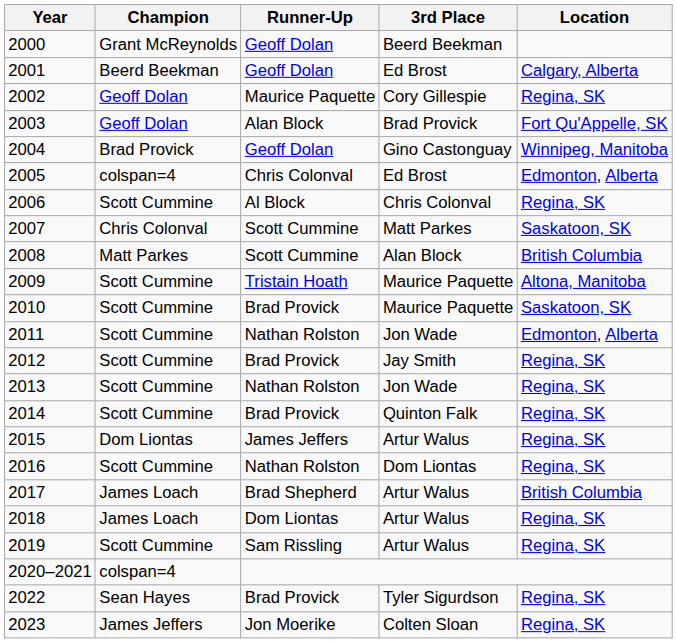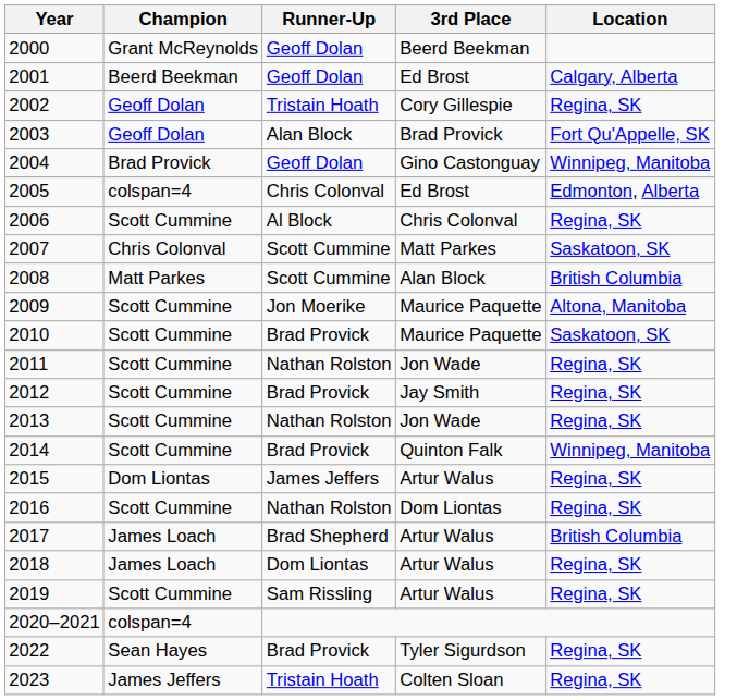 <table class="wikitable">
 <tr>
 <th>Year</th>
 <th>Champion</th>
 <th>Runner-Up</th>
 <th>3rd Place</th>
 <th>Location</th>
 </tr>
 <tr>
 <td>2000</td>
 <td> Grant McReynolds</td>
 <td> <a href='#'>Geoff Dolan</a></td>
 <td> Beerd Beekman</td>
 </tr>
 <tr>
 <td>2001</td>
 <td> Beerd Beekman</td>
 <td> <a href='#'>Geoff Dolan</a></td>
 <td> Ed Brost</td>
 <td><a href='#'>Calgary, Alberta</a></td>
 </tr>
 <tr>
 <td>2002</td>
 <td> <a href='#'>Geoff Dolan</a></td>
-<td> Maurice Paquette</td>
+<td> <a href='#'>Tristain Hoath</a></td>
 <td> Cory Gillespie</td>
 <td><a href='#'>Regina, SK</a></td>
 </tr>
 <tr>
 <td>2003</td>
 <td> <a href='#'>Geoff Dolan</a></td>
 <td> Alan Block</td>
 <td> Brad Provick</td>
 <td><a href='#'>Fort Qu'Appelle, SK</a></td>
 </tr>
 <tr>
 <td>2004</td>
 <td> Brad Provick</td>
 <td> <a href='#'>Geoff Dolan</a></td>
 <td> Gino Castonguay</td>
 <td><a href='#'>Winnipeg, Manitoba</a></td>
 </tr>
 <tr>
 <td>2005</td>
 <td>colspan=4 </td>
 <td> Chris Colonval</td>
 <td> Ed Brost</td>
 <td><a href='#'>Edmonton</a>, <a href='#'>Alberta</a></td>
 </tr>
 <tr>
 <td>2006</td>
 <td> Scott Cummine</td>
 <td> Al Block</td>
 <td> Chris Colonval</td>
 <td><a href='#'>Regina, SK</a></td>
 </tr>
 <tr>
 <td>2007</td>
 <td> Chris Colonval</td>
 <td> Scott Cummine</td>
 <td> Matt Parkes</td>
 <td><a href='#'>Saskatoon, SK</a></td>
 </tr>
 <tr>
 <td>2008</td>
 <td> Matt Parkes</td>
 <td> Scott Cummine</td>
 <td> Alan Block</td>
 <td><a href='#'>British Columbia</a></td>
 </tr>
 <tr>
 <td>2009</td>
 <td> Scott Cummine</td>
-<td> <a href='#'>Tristain Hoath</a></td>
+<td> Jon Moerike</td>
 <td> Maurice Paquette</td>
 <td><a href='#'>Altona, Manitoba</a></td>
 </tr>
 <tr>
 <td>2010</td>
 <td> Scott Cummine</td>
 <td> Brad Provick</td>
 <td> Maurice Paquette</td>
 <td><a href='#'>Saskatoon, SK</a></td>
 </tr>
 <tr>
 <td>2011</td>
 <td> Scott Cummine</td>
 <td> Nathan Rolston</td>
 <td> Jon Wade</td>
-<td><a href='#'>Edmonton</a>, <a href='#'>Alberta</a></td>
+<td><a href='#'>Regina, SK</a></td>
 </tr>
 <tr>
 <td>2012</td>
 <td> Scott Cummine</td>
 <td> Brad Provick</td>
 <td> Jay Smith</td>
 <td><a href='#'>Regina, SK</a></td>
 </tr>
 <tr>
 <td>2013</td>
 <td> Scott Cummine</td>
 <td> Nathan Rolston</td>
 <td> Jon Wade</td>
 <td><a href='#'>Regina, SK</a></td>
 </tr>
 <tr>
 <td>2014</td>
 <td> Scott Cummine</td>
 <td> Brad Provick</td>
 <td> Quinton Falk</td>
-<td><a href='#'>Regina, SK</a></td>
+<td><a href='#'>Winnipeg, Manitoba</a></td>
 </tr>
 <tr>
 <td>2015</td>
 <td> Dom Liontas</td>
 <td> James Jeffers</td>
 <td> Artur Walus</td>
 <td><a href='#'>Regina, SK</a></td>
 </tr>
 <tr>
 <td>2016</td>
 <td> Scott Cummine</td>
 <td> Nathan Rolston</td>
 <td> Dom Liontas</td>
 <td><a href='#'>Regina, SK</a></td>
 </tr>
 <tr>
 <td>2017</td>
 <td> James Loach</td>
 <td> Brad Shepherd</td>
 <td> Artur Walus</td>
 <td><a href='#'>British Columbia</a></td>
 </tr>
 <tr>
 <td>2018</td>
 <td> James Loach</td>
 <td> Dom Liontas</td>
 <td> Artur Walus</td>
 <td><a href='#'>Regina, SK</a></td>
 </tr>
 <tr>
 <td>2019</td>
 <td> Scott Cummine</td>
 <td> Sam Rissling</td>
 <td> Artur Walus</td>
 <td><a href='#'>Regina, SK</a></td>
 </tr>
 <tr>
 <td>2020–2021</td>
 <td>colspan=4 </td>
 </tr>
 <tr>
 <td>2022</td>
 <td> Sean Hayes</td>
 <td> Brad Provick</td>
 <td> Tyler Sigurdson</td>
 <td><a href='#'>Regina, SK</a></td>
 </tr>
 <tr>
 <td>2023</td>
 <td> James Jeffers</td>
-<td> Jon Moerike</td>
+<td> <a href='#'>Tristain Hoath</a></td>
 <td> Colten Sloan</td>
 <td><a href='#'>Regina, SK</a></td>
 </tr>
 </table>
